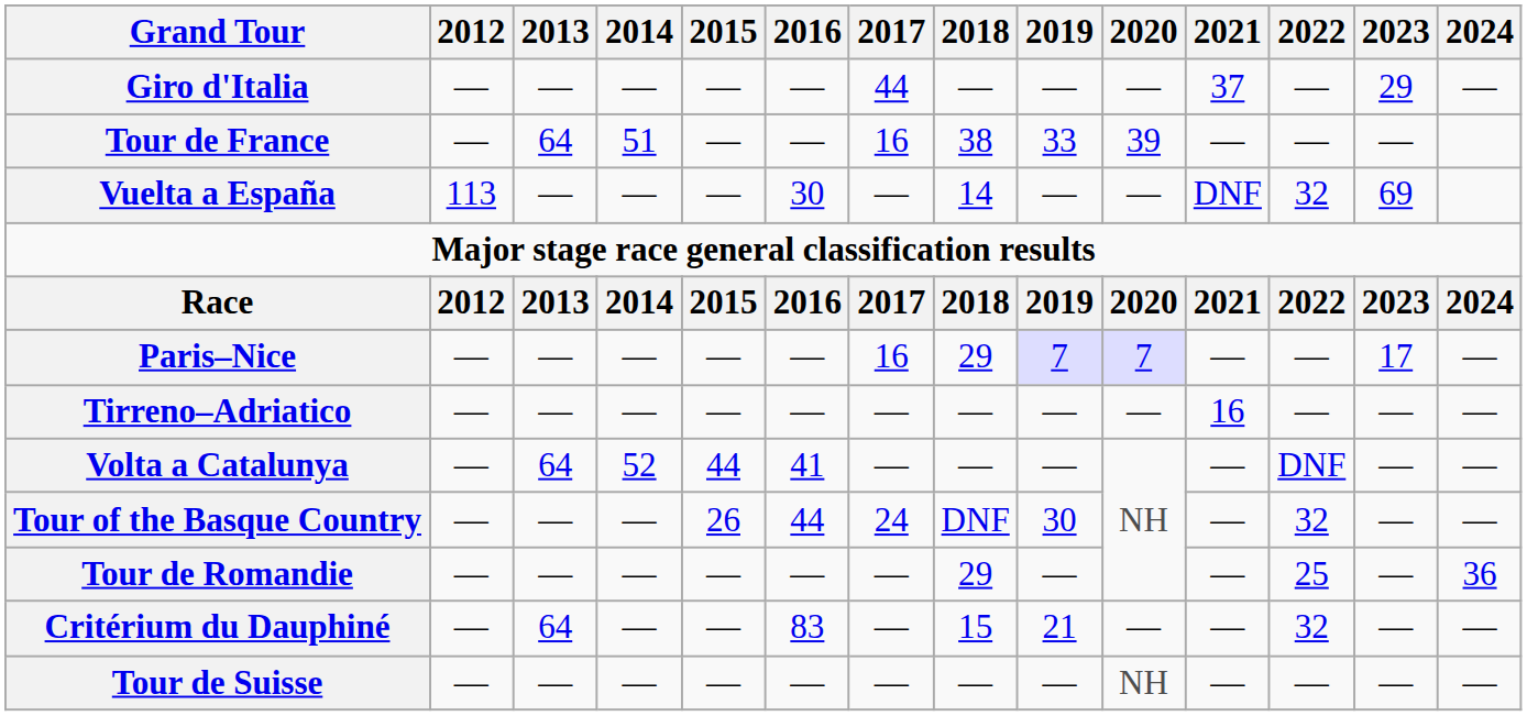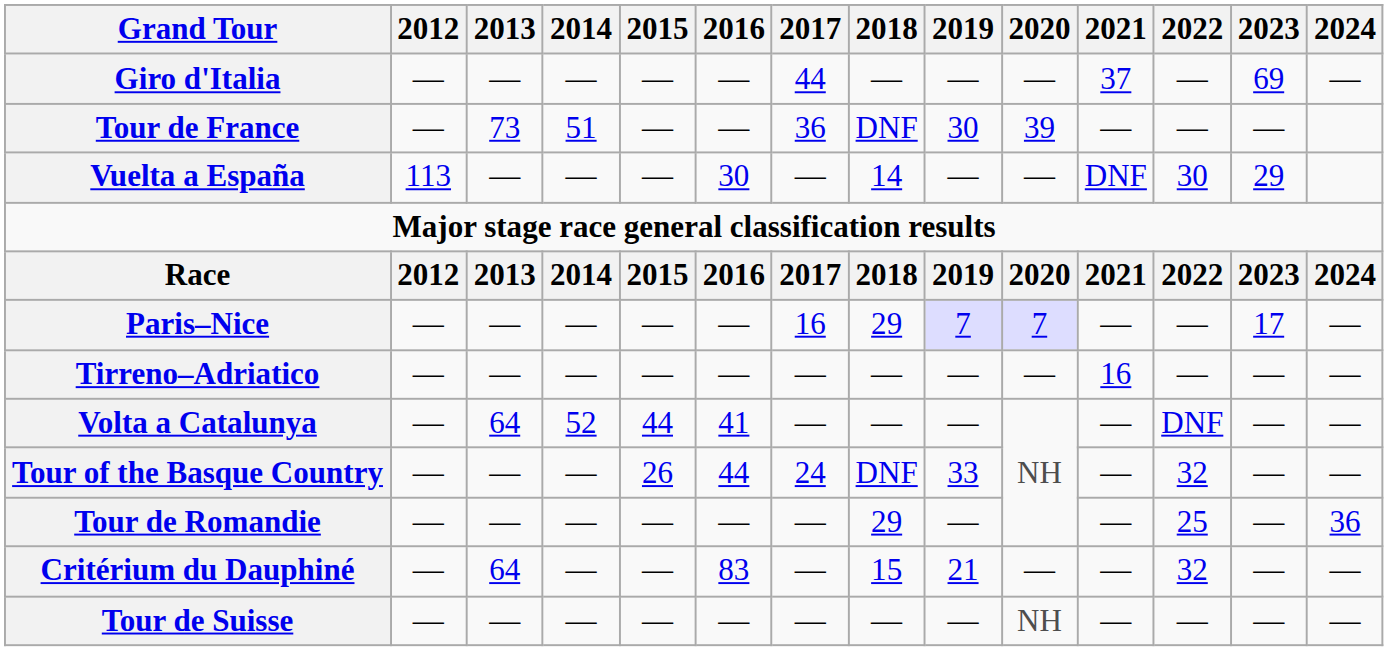 <table class="wikitable plainrowheaders">
 <tr>
 <th scope="col"><a href='#'>Grand Tour</a></th>
 <th scope="col">2012</th>
 <th scope="col">2013</th>
 <th scope="col">2014</th>
 <th scope="col">2015</th>
 <th scope="col">2016</th>
 <th scope="col">2017</th>
 <th scope="col">2018</th>
 <th scope="col">2019</th>
 <th scope="col">2020</th>
 <th scope="col">2021</th>
 <th scope="col">2022</th>
 <th scope="col">2023</th>
 <th scope="col">2024</th>
 </tr>
 <tr style="text-align:center;">
 <th scope="row"> <a href='#'>Giro d'Italia</a></th>
 <td>—</td>
 <td>—</td>
 <td>—</td>
 <td>—</td>
 <td>—</td>
 <td><a href='#'>44</a></td>
 <td>—</td>
 <td>—</td>
 <td>—</td>
 <td><a href='#'>37</a></td>
 <td>—</td>
-<td><a href='#'>29</a></td>
+<td><a href='#'>69</a></td>
 <td>—</td>
 </tr>
 <tr style="text-align:center;">
 <th scope="row"> <a href='#'>Tour de France</a></th>
 <td>—</td>
-<td><a href='#'>64</a></td>
+<td><a href='#'>73</a></td>
 <td><a href='#'>51</a></td>
 <td>—</td>
 <td>—</td>
-<td><a href='#'>16</a></td>
-<td><a href='#'>38</a></td>
-<td><a href='#'>33</a></td>
+<td><a href='#'>36</a></td>
+<td><a href='#'>DNF</a></td>
+<td><a href='#'>30</a></td>
 <td><a href='#'>39</a></td>
 <td>—</td>
 <td>—</td>
 <td>—</td>
 <td></td>
 </tr>
 <tr style="text-align:center;">
 <th scope="row"> <a href='#'>Vuelta a España</a></th>
 <td><a href='#'>113</a></td>
 <td>—</td>
 <td>—</td>
 <td>—</td>
 <td><a href='#'>30</a></td>
 <td>—</td>
 <td><a href='#'>14</a></td>
 <td>—</td>
 <td>—</td>
 <td><a href='#'>DNF</a></td>
-<td><a href='#'>32</a></td>
-<td><a href='#'>69</a></td>
+<td><a href='#'>30</a></td>
+<td><a href='#'>29</a></td>
 <td></td>
 </tr>
 <tr>
 <td colspan=15 align="center"><strong>Major stage race general classification results</strong></td>
 </tr>
 <tr>
 <th scope="col">Race</th>
 <th scope="col">2012</th>
 <th scope="col">2013</th>
 <th scope="col">2014</th>
 <th scope="col">2015</th>
 <th scope="col">2016</th>
 <th scope="col">2017</th>
 <th scope="col">2018</th>
 <th scope="col">2019</th>
 <th scope="col">2020</th>
 <th scope="col">2021</th>
 <th scope="col">2022</th>
 <th scope="col">2023</th>
 <th scope="col">2024</th>
 </tr>
 <tr style="text-align:center;">
 <th scope="row"> <a href='#'>Paris–Nice</a></th>
 <td>—</td>
 <td>—</td>
 <td>—</td>
 <td>—</td>
 <td>—</td>
 <td><a href='#'>16</a></td>
 <td><a href='#'>29</a></td>
 <td style="background:#ddf;"><a href='#'>7</a></td>
 <td style="background:#ddf;"><a href='#'>7</a></td>
 <td>—</td>
 <td>—</td>
 <td><a href='#'>17</a></td>
 <td>—</td>
 </tr>
 <tr style="text-align:center;">
 <th scope="row"> <a href='#'>Tirreno–Adriatico</a></th>
 <td>—</td>
 <td>—</td>
 <td>—</td>
 <td>—</td>
 <td>—</td>
 <td>—</td>
 <td>—</td>
 <td>—</td>
 <td>—</td>
 <td><a href='#'>16</a></td>
 <td>—</td>
 <td>—</td>
 <td>—</td>
 </tr>
 <tr style="text-align:center;">
 <th scope="row"> <a href='#'>Volta a Catalunya</a></th>
 <td>—</td>
 <td><a href='#'>64</a></td>
 <td><a href='#'>52</a></td>
 <td><a href='#'>44</a></td>
 <td><a href='#'>41</a></td>
 <td>—</td>
 <td>—</td>
 <td>—</td>
 <td style="color:#4d4d4d;" rowspan=3>NH</td>
 <td>—</td>
 <td><a href='#'>DNF</a></td>
 <td>—</td>
 <td>—</td>
 </tr>
 <tr style="text-align:center;">
 <th scope="row"> <a href='#'>Tour of the Basque Country</a></th>
 <td>—</td>
 <td>—</td>
 <td>—</td>
 <td><a href='#'>26</a></td>
 <td><a href='#'>44</a></td>
 <td><a href='#'>24</a></td>
 <td><a href='#'>DNF</a></td>
-<td><a href='#'>30</a></td>
+<td><a href='#'>33</a></td>
 <td>—</td>
 <td><a href='#'>32</a></td>
 <td>—</td>
 <td>—</td>
 </tr>
 <tr style="text-align:center;">
 <th scope="row"> <a href='#'>Tour de Romandie</a></th>
 <td>—</td>
 <td>—</td>
 <td>—</td>
 <td>—</td>
 <td>—</td>
 <td>—</td>
 <td><a href='#'>29</a></td>
 <td>—</td>
 <td>—</td>
 <td><a href='#'>25</a></td>
 <td>—</td>
 <td><a href='#'>36</a></td>
 </tr>
 <tr style="text-align:center;">
 <th scope="row"> <a href='#'>Critérium du Dauphiné</a></th>
 <td>—</td>
 <td><a href='#'>64</a></td>
 <td>—</td>
 <td>—</td>
 <td><a href='#'>83</a></td>
 <td>—</td>
 <td><a href='#'>15</a></td>
 <td><a href='#'>21</a></td>
 <td>—</td>
 <td>—</td>
 <td><a href='#'>32</a></td>
 <td>—</td>
 <td>—</td>
 </tr>
 <tr style="text-align:center;">
 <th scope="row"> <a href='#'>Tour de Suisse</a></th>
 <td>—</td>
 <td>—</td>
 <td>—</td>
 <td>—</td>
 <td>—</td>
 <td>—</td>
 <td>—</td>
 <td>—</td>
 <td style="color:#4d4d4d;">NH</td>
 <td>—</td>
 <td>—</td>
 <td>—</td>
 <td>—</td>
 </tr>
 </table>
